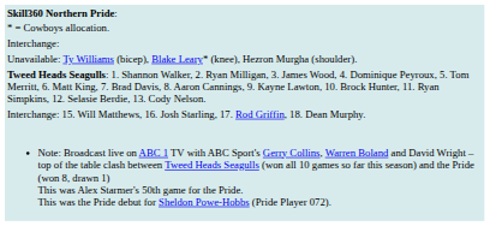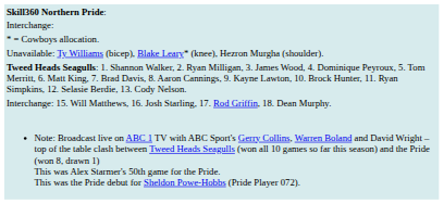 <table style="background:#d7ebed; font-size:85%; width:100%;">
 <tr>
 <td><strong>Skill360 Northern Pride</strong>:             </td>
 </tr>
 <tr>
-<td>* = Cowboys allocation.</td>
+<td>Interchange:    </td>
 </tr>
 <tr>
-<td>Interchange:    </td>
+<td>* = Cowboys allocation.</td>
 </tr>
 <tr>
 <td>Unavailable: <a href='#'>Ty Williams</a> (bicep), <a href='#'>Blake Leary</a>* (knee), Hezron Murgha (shoulder).</td>
 </tr>
 <tr>
 <td><strong>Tweed Heads Seagulls</strong>: 1. Shannon Walker, 2. Ryan Milligan, 3. James Wood, 4. Dominique Peyroux, 5. Tom Merritt, 6. Matt King, 7. Brad Davis, 8. Aaron Cannings, 9. Kayne Lawton, 10. Brock Hunter, 11. Ryan Simpkins, 12. Selasie Berdie, 13. Cody Nelson.</td>
 </tr>
 <tr>
 <td>Interchange: 15. Will Matthews, 16. Josh Starling, 17. <a href='#'>Rod Griffin</a>, 18. Dean Murphy.</td>
 </tr>
 <tr>
 <td><br><ul><li>Note: Broadcast live on <a href='#'>ABC 1</a> TV with ABC Sport's <a href='#'>Gerry Collins</a>, <a href='#'>Warren Boland</a> and David Wright – top of the table clash between <a href='#'>Tweed Heads Seagulls</a> (won all 10 games so far this season) and the Pride (won 8, drawn 1)<br>This was Alex Starmer's 50th game for the Pride.<br>This was the Pride debut for <a href='#'>Sheldon Powe-Hobbs</a> (Pride Player 072).</li></ul></td>
 </tr>
 </table>
